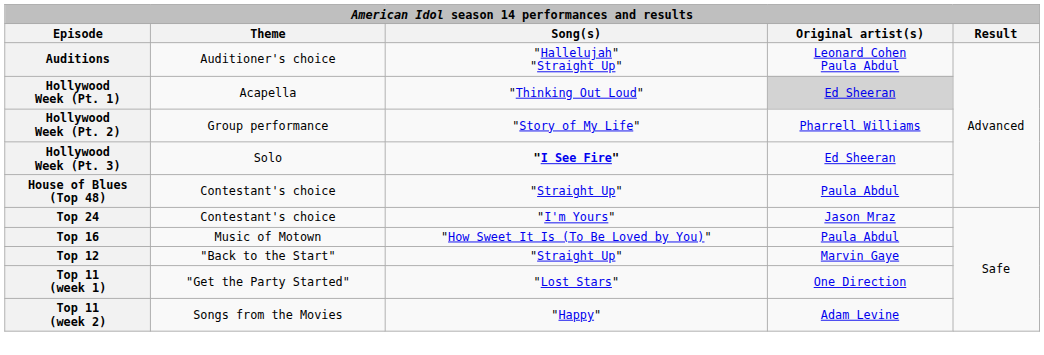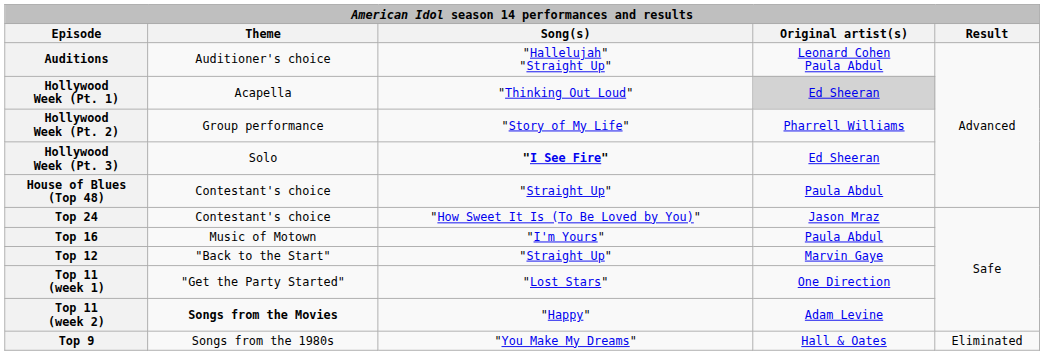 <table class="wikitable collapsible autocollapse" style="width:90%; text-align: center; margin:1em auto 1em auto;">
 <tr>
 <th colspan="5" style="background:#BFBFBF;"><em>American Idol</em> season 14 performances and results</th>
 </tr>
 <tr>
 <th>Episode</th>
 <th>Theme</th>
 <th>Song(s)</th>
 <th>Original artist(s)</th>
 <th>Result</th>
 </tr>
 <tr>
 <th>Auditions</th>
 <td>Auditioner's choice</td>
 <td>"<a href='#'>Hallelujah</a>"<br>"<a href='#'>Straight Up</a>"</td>
 <td><a href='#'>Leonard Cohen</a><br><a href='#'>Paula Abdul</a></td>
 <td rowspan="5">Advanced</td>
 </tr>
 <tr>
 <th>Hollywood<br>Week (Pt. 1)</th>
 <td>Acapella</td>
 <td>"<a href='#'>Thinking Out Loud</a>"</td>
 <td style="background: lightgrey;"><a href='#'>Ed Sheeran</a></td>
 </tr>
 <tr>
 <th>Hollywood<br>Week (Pt. 2)</th>
 <td>Group performance</td>
 <td>"<a href='#'>Story of My Life</a>"</td>
 <td><a href='#'>Pharrell Williams</a></td>
 </tr>
 <tr>
 <th>Hollywood<br>Week (Pt. 3)</th>
 <td>Solo</td>
 <td><strong>"<a href='#'>I See Fire</a>"</strong></td>
 <td><a href='#'>Ed Sheeran</a></td>
 </tr>
 <tr>
 <th>House of Blues<br>(Top 48)</th>
 <td>Contestant's choice</td>
 <td>"<a href='#'>Straight Up</a>"</td>
 <td><a href='#'>Paula Abdul</a></td>
 </tr>
 <tr>
 <th>Top 24</th>
 <td>Contestant's choice</td>
-<td>"<a href='#'>I'm Yours</a>"</td>
+<td>"<a href='#'>How Sweet It Is (To Be Loved by You)</a>"</td>
 <td><a href='#'>Jason Mraz</a></td>
 <td rowspan="5">Safe</td>
 </tr>
 <tr>
 <th>Top 16</th>
 <td>Music of Motown</td>
-<td>"<a href='#'>How Sweet It Is (To Be Loved by You)</a>"</td>
+<td>"<a href='#'>I'm Yours</a>"</td>
 <td><a href='#'>Paula Abdul</a></td>
 </tr>
 <tr>
 <th>Top 12</th>
 <td>"Back to the Start"</td>
 <td>"<a href='#'>Straight Up</a>"</td>
 <td><a href='#'>Marvin Gaye</a></td>
 </tr>
 <tr>
 <th>Top 11<br>(week 1)</th>
 <td>"Get the Party Started"</td>
 <td>"<a href='#'>Lost Stars</a>"</td>
 <td><a href='#'>One Direction</a></td>
 </tr>
 <tr>
 <th>Top 11<br>(week 2)</th>
-<td>Songs from the Movies</td>
+<td><strong>Songs from the Movies</strong></td>
 <td>"<a href='#'>Happy</a>"</td>
 <td><a href='#'>Adam Levine</a></td>
 </tr>
+<tr>
+<th>Top 9</th>
+<td>Songs from the 1980s</td>
+<td>"<a href='#'>You Make My Dreams</a>"</td>
+<td><a href='#'>Hall & Oates</a></td>
+<td>Eliminated</td>
+</tr>
 </table>
